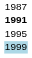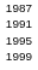 <table>
 <tr>
 <td>1987</td>
 <td></td>
 <td></td>
 <td></td>
 </tr>
 <tr>
-<td><strong>1991</strong></td>
+<td>1991</td>
 <td></td>
 <td></td>
 <td></td>
 </tr>
 <tr>
 <td>1995</td>
 <td></td>
 <td></td>
 <td></td>
 </tr>
 <tr>
-<td style="background: lightblue;">1999</td>
+<td>1999</td>
 <td></td>
 <td></td>
 <td></td>
 </tr>
 </table>
